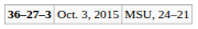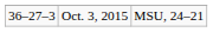 <table class="wikitable">
 <tr align="center">
 </tr>
 <tr align="center">
-<td><strong>36–27–3</strong></td>
+<td>36–27–3</td>
 <td>Oct. 3, 2015</td>
 <td>MSU, 24–21</td>
 </tr>
 </table>
